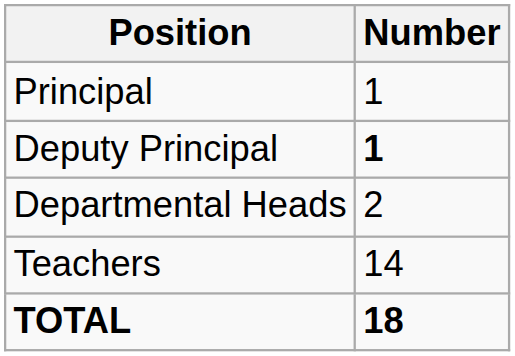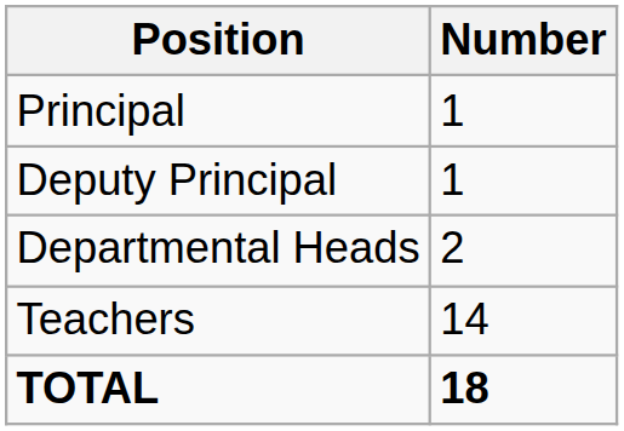 <table class = "wikitable">
 <tr>
 <th>Position</th>
 <th>Number</th>
 </tr>
 <tr>
 <td>Principal</td>
 <td>1</td>
 </tr>
 <tr>
 <td>Deputy Principal</td>
-<td><strong>1</strong></td>
+<td>1</td>
 </tr>
 <tr>
 <td>Departmental Heads</td>
 <td>2</td>
 </tr>
 <tr>
 <td>Teachers</td>
 <td>14</td>
 </tr>
 <tr>
 <td><strong>TOTAL</strong></td>
 <td><strong>18</strong></td>
 </tr>
 </table>
